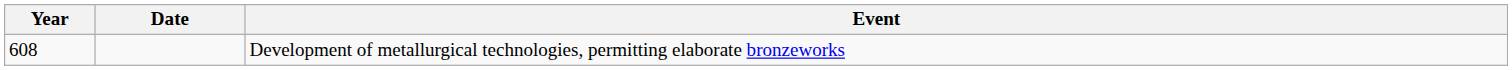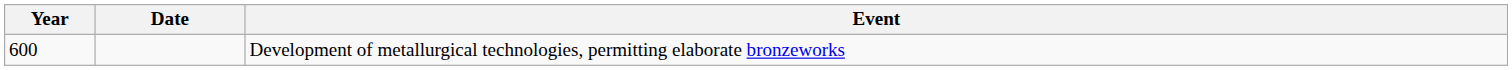 <table class="wikitable" width="100%">
 <tr>
 <th style="width:6%">Year</th>
 <th style="width:10%">Date</th>
 <th>Event</th>
 </tr>
 <tr>
-<td>608</td>
+<td>600</td>
 <td></td>
 <td>Development of metallurgical technologies, permitting elaborate <a href='#'>bronzeworks</a></td>
 </tr>
 </table>
